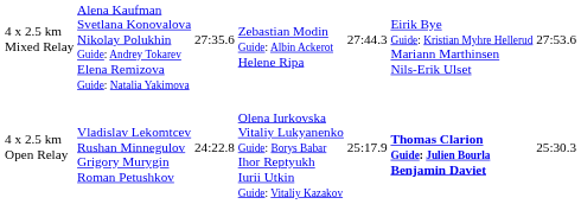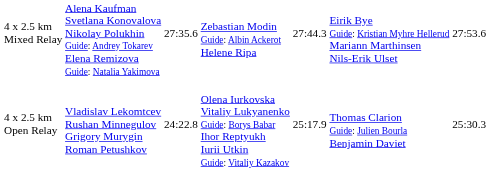 <table>
 <tr>
 <td>4 x 2.5 km<br>Mixed Relay<br></td>
 <td><em></em><br><a href='#'>Alena Kaufman</a><br><a href='#'>Svetlana Konovalova</a><br><a href='#'>Nikolay Polukhin</a><br><small><a href='#'>Guide</a>: <a href='#'>Andrey Tokarev</a></small><br><a href='#'>Elena Remizova</a><br><small><a href='#'>Guide</a>: <a href='#'>Natalia Yakimova</a></small></td>
 <td>27:35.6</td>
 <td><em></em><br><a href='#'>Zebastian Modin</a><br><small><a href='#'>Guide</a>: <a href='#'>Albin Ackerot</a></small><br><a href='#'>Helene Ripa</a></td>
 <td>27:44.3</td>
 <td><em></em><br><a href='#'>Eirik Bye</a><br><small><a href='#'>Guide</a>: <a href='#'>Kristian Myhre Hellerud</a></small><br><a href='#'>Mariann Marthinsen</a><br><a href='#'>Nils-Erik Ulset</a></td>
 <td>27:53.6</td>
 </tr>
 <tr>
 <td>4 x 2.5 km<br>Open Relay<br></td>
 <td><em></em><br><a href='#'>Vladislav Lekomtcev</a><br><a href='#'>Rushan Minnegulov</a><br><a href='#'>Grigory Murygin</a><br><a href='#'>Roman Petushkov</a></td>
 <td>24:22.8</td>
 <td><em></em><br><a href='#'>Olena Iurkovska</a><br><a href='#'>Vitaliy Lukyanenko</a><br><small><a href='#'>Guide</a>: <a href='#'>Borys Babar</a></small><br><a href='#'>Ihor Reptyukh</a><br><a href='#'>Iurii Utkin</a><br><small><a href='#'>Guide</a>: <a href='#'>Vitaliy Kazakov</a></small></td>
 <td>25:17.9</td>
-<td><strong><em></em><br><a href='#'>Thomas Clarion</a><br><small><a href='#'>Guide</a>: <a href='#'>Julien Bourla</a></small><br><a href='#'>Benjamin Daviet</a></strong></td>
+<td><em></em><br><a href='#'>Thomas Clarion</a><br><small><a href='#'>Guide</a>: <a href='#'>Julien Bourla</a></small><br><a href='#'>Benjamin Daviet</a></td>
 <td>25:30.3</td>
 </tr>
 </table>
